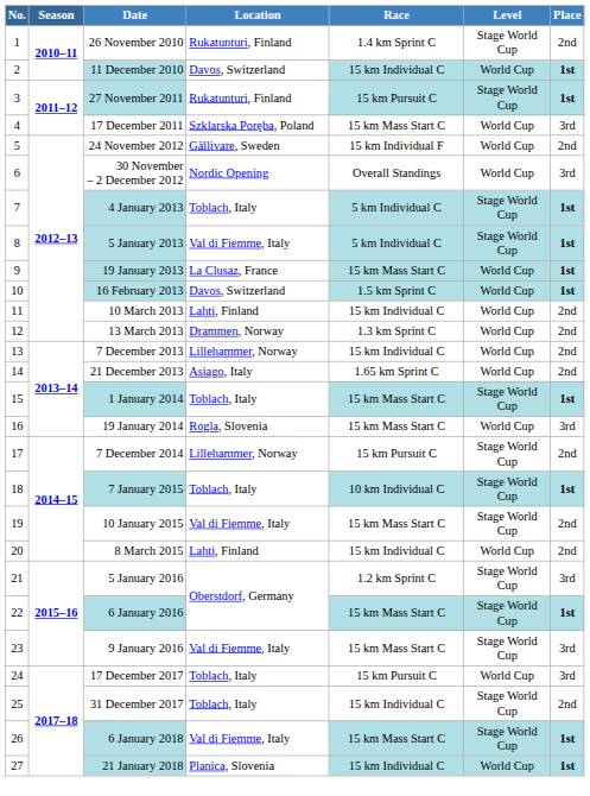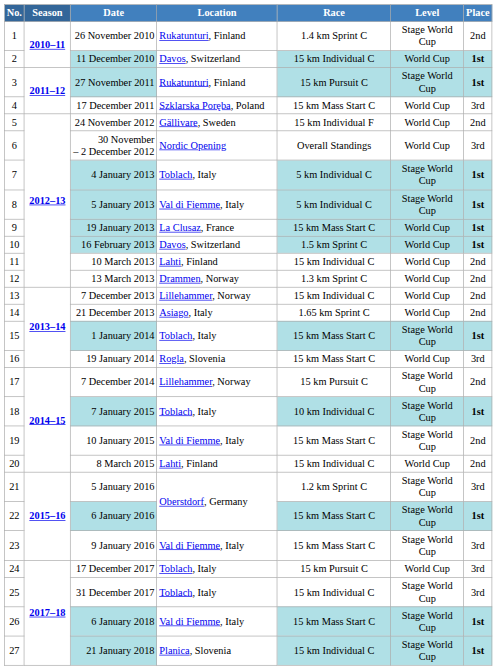 <table class="wikitable sortable" style="font-size:95%; text-align:center; border:grey solid 1px; border-collapse:collapse; background:#ffffff;">
 <tr style="background:#efefef;">
 <th style="background-color:#369; color:white;">No.</th>
 <th style="background-color:#369; color:white;">Season</th>
 <th style="background-color:#4180be; color:white; width:120px;">Date</th>
 <th style="background-color:#4180be; color:white; width:170px;">Location</th>
 <th style="background-color:#4180be; color:white; width:160px;">Race</th>
 <th style="background-color:#4180be; color:white; width:100px;">Level</th>
 <th style="background-color:#4180be; color:white;">Place</th>
 </tr>
 <tr>
 <td align=center>1</td>
 <td rowspan=2 align=center><strong> <a href='#'>2010–11</a> </strong></td>
 <td align=right>26 November 2010</td>
 <td align=left> <a href='#'>Rukatunturi</a>, Finland</td>
 <td>1.4 km Sprint C</td>
 <td>Stage World Cup</td>
 <td>2nd</td>
 </tr>
 <tr>
 <td align=center>2</td>
 <td bgcolor="#BOEOE6" align=right>11 December 2010</td>
 <td align=left> <a href='#'>Davos</a>, Switzerland</td>
 <td bgcolor="#BOEOE6">15 km Individual C</td>
 <td bgcolor="#BOEOE6">World Cup</td>
 <td bgcolor="#BOEOE6"><strong>1st</strong></td>
 </tr>
 <tr>
 <td align=center>3</td>
 <td rowspan=2 align=center><strong><a href='#'>2011–12</a></strong></td>
 <td bgcolor="#BOEOE6" align=right>27 November 2011</td>
 <td align=left> <a href='#'>Rukatunturi</a>, Finland</td>
 <td bgcolor="#BOEOE6">15 km Pursuit C</td>
 <td bgcolor="#BOEOE6">Stage World Cup</td>
 <td bgcolor="#BOEOE6"><strong>1st</strong></td>
 </tr>
 <tr>
 <td align=center>4</td>
 <td align=right>17 December 2011</td>
 <td align=left> <a href='#'>Szklarska Poręba</a>, Poland</td>
 <td>15 km Mass Start C</td>
 <td>World Cup</td>
 <td>3rd</td>
 </tr>
 <tr>
 <td align=center>5</td>
 <td rowspan=8 align=center><strong> <a href='#'>2012–13</a> </strong></td>
 <td align=right>24 November 2012</td>
 <td align=left> <a href='#'>Gällivare</a>, Sweden</td>
 <td>15 km Individual F</td>
 <td>World Cup</td>
 <td>2nd</td>
 </tr>
 <tr>
 <td align=center>6</td>
 <td align=right>30 November<br> – 2 December 2012</td>
 <td align=left> <a href='#'>Nordic Opening</a></td>
 <td>Overall Standings</td>
 <td>World Cup</td>
 <td>3rd</td>
 </tr>
 <tr>
 <td align=center>7</td>
 <td bgcolor="#BOEOE6" align=right>4 January 2013</td>
 <td align=left> <a href='#'>Toblach</a>, Italy</td>
 <td bgcolor="#BOEOE6">5 km Individual C</td>
 <td bgcolor="#BOEOE6">Stage World Cup</td>
 <td bgcolor="#BOEOE6"><strong>1st</strong></td>
 </tr>
 <tr>
 <td align=center>8</td>
 <td bgcolor="#BOEOE6" align=right>5 January 2013</td>
 <td align=left> <a href='#'>Val di Fiemme</a>, Italy</td>
 <td bgcolor="#BOEOE6">5 km Individual C</td>
 <td bgcolor="#BOEOE6">Stage World Cup</td>
 <td bgcolor="#BOEOE6"><strong>1st</strong></td>
 </tr>
 <tr>
 <td align=center>9</td>
 <td bgcolor="#BOEOE6" align=right>19 January 2013</td>
 <td align=left> <a href='#'>La Clusaz</a>, France</td>
 <td bgcolor="#BOEOE6">15 km Mass Start C</td>
 <td bgcolor="#BOEOE6">World Cup</td>
 <td bgcolor="#BOEOE6"><strong>1st</strong></td>
 </tr>
 <tr>
 <td align=center>10</td>
 <td bgcolor="#BOEOE6" align=right>16 February 2013</td>
 <td align=left> <a href='#'>Davos</a>, Switzerland</td>
 <td bgcolor="#BOEOE6">1.5 km Sprint C</td>
 <td bgcolor="#BOEOE6">World Cup</td>
 <td bgcolor="#BOEOE6"><strong>1st</strong></td>
 </tr>
 <tr>
 <td align=center>11</td>
 <td align=right>10 March 2013</td>
 <td align=left> <a href='#'>Lahti</a>, Finland</td>
 <td>15 km Individual C</td>
 <td>World Cup</td>
 <td>2nd</td>
 </tr>
 <tr>
 <td align=center>12</td>
 <td align=right>13 March 2013</td>
 <td align=left> <a href='#'>Drammen</a>, Norway</td>
 <td>1.3 km Sprint C</td>
 <td>World Cup</td>
 <td>2nd</td>
 </tr>
 <tr>
 <td align=center>13</td>
 <td rowspan=4 align=center><strong> <a href='#'>2013–14</a> </strong></td>
 <td align=right>7 December 2013</td>
 <td align=left> <a href='#'>Lillehammer</a>, Norway</td>
 <td>15 km Individual C</td>
 <td>World Cup</td>
 <td>2nd</td>
 </tr>
 <tr>
 <td align=center>14</td>
 <td align=right>21 December 2013</td>
 <td align=left> <a href='#'>Asiago</a>, Italy</td>
 <td>1.65 km Sprint C</td>
 <td>World Cup</td>
 <td>2nd</td>
 </tr>
 <tr>
 <td align=center>15</td>
 <td bgcolor="#BOEOE6" align=right>1 January 2014</td>
 <td align=left> <a href='#'>Toblach</a>, Italy</td>
 <td bgcolor="#BOEOE6">15 km Mass Start C</td>
 <td bgcolor="#BOEOE6">Stage World Cup</td>
 <td bgcolor="#BOEOE6"><strong>1st</strong></td>
 </tr>
 <tr>
 <td align=center>16</td>
 <td align=right>19 January 2014</td>
 <td align=left> <a href='#'>Rogla</a>, Slovenia</td>
 <td>15 km Mass Start C</td>
 <td>World Cup</td>
 <td>3rd</td>
 </tr>
 <tr>
 <td align=center>17</td>
 <td rowspan=4 align=center><strong> <a href='#'>2014–15</a> </strong></td>
 <td align=right>7 December 2014</td>
 <td align=left> <a href='#'>Lillehammer</a>, Norway</td>
 <td>15 km Pursuit C</td>
 <td>Stage World Cup</td>
 <td>2nd</td>
 </tr>
 <tr>
 <td align=center>18</td>
 <td bgcolor="#BOEOE6" align=right>7 January 2015</td>
 <td align=left> <a href='#'>Toblach</a>, Italy</td>
 <td bgcolor="#BOEOE6">10 km Individual C</td>
 <td bgcolor="#BOEOE6">Stage World Cup</td>
 <td bgcolor="#BOEOE6"><strong>1st</strong></td>
 </tr>
 <tr>
 <td align=center>19</td>
 <td align=right>10 January 2015</td>
 <td align=left> <a href='#'>Val di Fiemme</a>, Italy</td>
 <td>15 km Mass Start C</td>
 <td>Stage World Cup</td>
 <td>2nd</td>
 </tr>
 <tr>
 <td align=center>20</td>
 <td align=right>8 March 2015</td>
 <td align=left> <a href='#'>Lahti</a>, Finland</td>
 <td>15 km Individual C</td>
 <td>World Cup</td>
 <td>2nd</td>
 </tr>
 <tr>
 <td align=center>21</td>
 <td rowspan=3 align=center><strong> <a href='#'>2015–16</a> </strong></td>
 <td align=right>5 January 2016</td>
 <td rowspan=2 align=left> <a href='#'>Oberstdorf</a>, Germany</td>
 <td>1.2 km Sprint C</td>
 <td>Stage World Cup</td>
 <td>3rd</td>
 </tr>
 <tr>
 <td align=center>22</td>
 <td bgcolor="#BOEOE6" align=right>6 January 2016</td>
 <td bgcolor="#BOEOE6">15 km Mass Start C</td>
 <td bgcolor="#BOEOE6">Stage World Cup</td>
 <td bgcolor="#BOEOE6"><strong>1st</strong></td>
 </tr>
 <tr>
 <td align=center>23</td>
 <td align=right>9 January 2016</td>
 <td align=left> <a href='#'>Val di Fiemme</a>, Italy</td>
 <td>15 km Mass Start C</td>
 <td>Stage World Cup</td>
 <td>3rd</td>
 </tr>
 <tr>
 <td align=center>24</td>
 <td rowspan=4 align=center><strong> <a href='#'>2017–18</a> </strong></td>
 <td align=right>17 December 2017</td>
 <td align=left> <a href='#'>Toblach</a>, Italy</td>
 <td>15 km Pursuit C</td>
 <td>World Cup</td>
 <td>3rd</td>
 </tr>
 <tr>
 <td align=center>25</td>
 <td align=right>31 December 2017</td>
 <td align=left> <a href='#'>Toblach</a>, Italy</td>
 <td>15 km Individual C</td>
 <td>Stage World Cup</td>
-<td>2nd</td>
+<td>3rd</td>
 </tr>
 <tr>
 <td align=center>26</td>
 <td bgcolor="#BOEOE6" align=right>6 January 2018</td>
 <td align=left> <a href='#'>Val di Fiemme</a>, Italy</td>
 <td bgcolor="#BOEOE6">15 km Mass Start C</td>
 <td bgcolor="#BOEOE6">Stage World Cup</td>
 <td bgcolor="#BOEOE6"><strong>1st</strong></td>
 </tr>
 <tr>
 <td align=center>27</td>
 <td bgcolor="#BOEOE6" align=right>21 January 2018</td>
 <td align=left> <a href='#'>Planica</a>, Slovenia</td>
 <td bgcolor="#BOEOE6">15 km Individual C</td>
-<td bgcolor="#BOEOE6">World Cup</td>
+<td bgcolor="#BOEOE6">Stage World Cup</td>
 <td bgcolor="#BOEOE6"><strong>1st</strong></td>
 </tr>
 </table>
